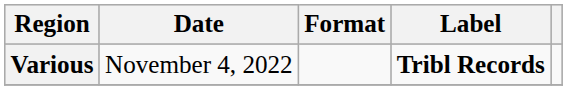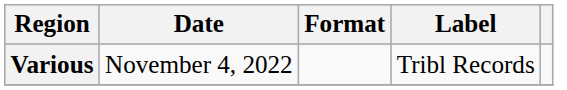 <table class="wikitable plainrowheaders">
 <tr>
 <th scope="col">Region</th>
 <th scope="col">Date</th>
 <th scope="col">Format</th>
 <th scope="col">Label</th>
 <th scope="col"></th>
 </tr>
 <tr>
 <th scope="row">Various</th>
 <td>November 4, 2022</td>
 <td></td>
-<td><strong>Tribl Records</strong></td>
+<td>Tribl Records</td>
 <td></td>
 </tr>
 <tr>
 </tr>
 </table>
